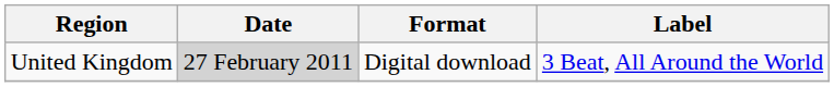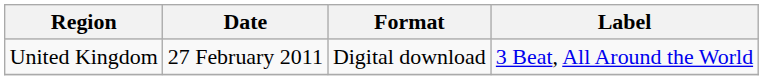 <table class=wikitable>
 <tr>
 <th>Region</th>
 <th>Date</th>
 <th>Format</th>
 <th>Label</th>
 </tr>
 <tr>
 <td>United Kingdom</td>
-<td style="background: lightgrey;">27 February 2011</td>
+<td>27 February 2011</td>
 <td>Digital download</td>
 <td><a href='#'>3 Beat</a>, <a href='#'>All Around the World</a></td>
 </tr>
 <tr>
 </tr>
 </table>
